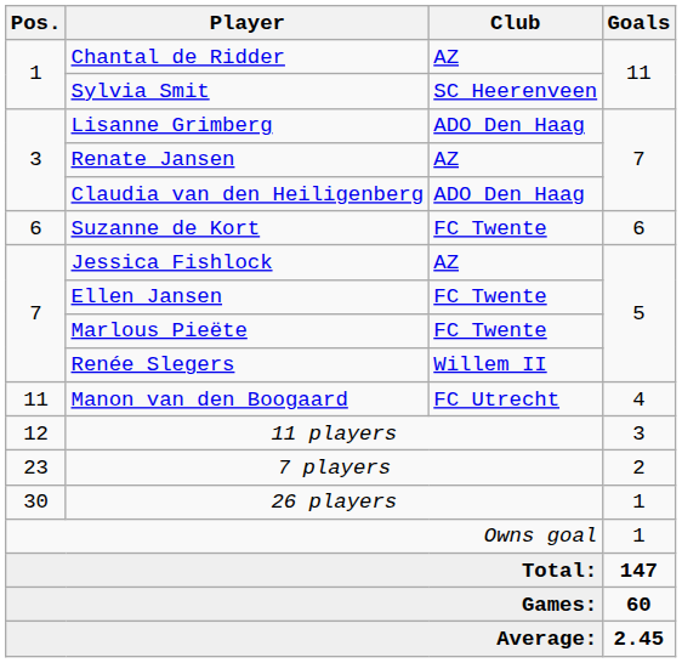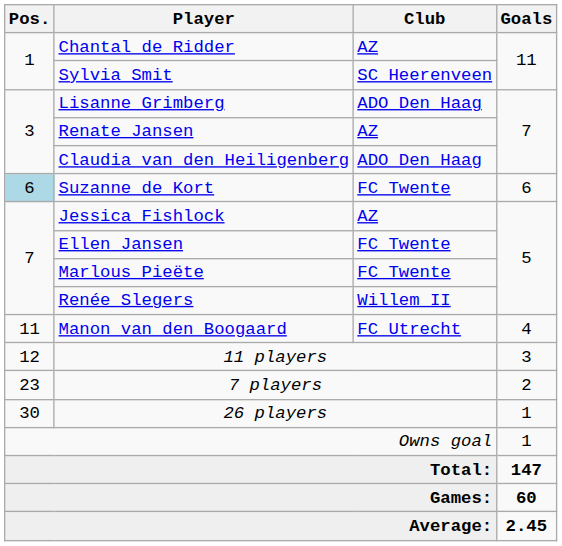 <table class="wikitable">
 <tr>
 <th>Pos.</th>
 <th>Player</th>
 <th>Club</th>
 <th>Goals</th>
 </tr>
 <tr>
 <td rowspan=2 align="center">1</td>
 <td> <a href='#'>Chantal de Ridder</a></td>
 <td><a href='#'>AZ</a></td>
 <td rowspan=2 align="center">11</td>
 </tr>
 <tr>
 <td> <a href='#'>Sylvia Smit</a></td>
 <td><a href='#'>SC Heerenveen</a></td>
 </tr>
 <tr>
 <td rowspan=3 align="center">3</td>
 <td> <a href='#'>Lisanne Grimberg</a></td>
 <td><a href='#'>ADO Den Haag</a></td>
 <td rowspan=3 align="center">7</td>
 </tr>
 <tr>
 <td> <a href='#'>Renate Jansen</a></td>
 <td><a href='#'>AZ</a></td>
 </tr>
 <tr>
 <td> <a href='#'>Claudia van den Heiligenberg</a></td>
 <td><a href='#'>ADO Den Haag</a></td>
 </tr>
 <tr>
-<td rowspan=1 align="center">6</td>
+<td rowspan=1 align="center" style="background: lightblue;">6</td>
 <td> <a href='#'>Suzanne de Kort</a></td>
 <td><a href='#'>FC Twente</a></td>
 <td rowspan=1 align="center">6</td>
 </tr>
 <tr>
 <td rowspan=4 align="center">7</td>
 <td> <a href='#'>Jessica Fishlock</a></td>
 <td><a href='#'>AZ</a></td>
 <td rowspan=4 align="center">5</td>
 </tr>
 <tr>
 <td> <a href='#'>Ellen Jansen</a></td>
 <td><a href='#'>FC Twente</a></td>
 </tr>
 <tr>
 <td> <a href='#'>Marlous Pieëte</a></td>
 <td><a href='#'>FC Twente</a></td>
 </tr>
 <tr>
 <td> <a href='#'>Renée Slegers</a></td>
 <td><a href='#'>Willem II</a></td>
 </tr>
 <tr>
 <td rowspan=1 align="center">11</td>
 <td> <a href='#'>Manon van den Boogaard</a></td>
 <td><a href='#'>FC Utrecht</a></td>
 <td rowspan=1 align="center">4</td>
 </tr>
 <tr>
 <td rowspan=1 align="center">12</td>
 <td colspan=2 align="center"><em>11 players</em></td>
 <td rowspan=1 align="center">3</td>
 </tr>
 <tr>
 <td rowspan=1 align="center">23</td>
 <td colspan=2 align="center"><em>7 players</em></td>
 <td rowspan=1 align="center">2</td>
 </tr>
 <tr>
 <td rowspan=1 align="center">30</td>
 <td colspan=2 align="center"><em>26 players</em></td>
 <td rowspan=1 align="center">1</td>
 </tr>
 <tr>
 <td colspan=3 align="right"><em>Owns goal</em></td>
 <td rowspan=1 align="center">1</td>
 </tr>
 <tr>
 <td bgcolor="#EFEFEF" colspan=3 align="right"><strong>Total:</strong></td>
 <td align="center"><strong>147</strong></td>
 </tr>
 <tr>
 <td bgcolor="#EFEFEF" colspan=3 align="right"><strong>Games:</strong></td>
 <td align="center"><strong>60</strong></td>
 </tr>
 <tr>
 <td bgcolor="#EFEFEF" colspan=3 align="right"><strong>Average:</strong></td>
 <td align="center"><strong>2.45</strong></td>
 </tr>
 </table>
